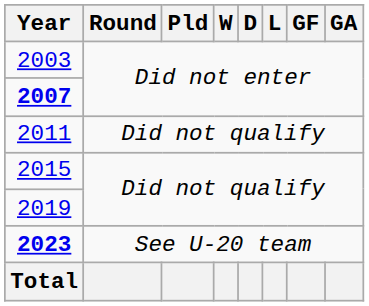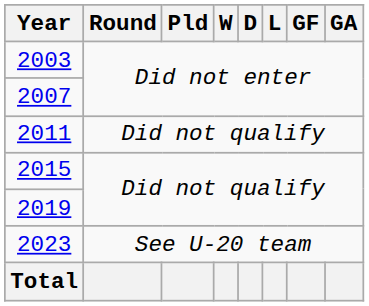 <table class="wikitable" style="text-align: center;">
 <tr>
 <th>Year</th>
 <th>Round</th>
 <th>Pld</th>
 <th>W</th>
 <th>D</th>
 <th>L</th>
 <th>GF</th>
 <th>GA</th>
 </tr>
 <tr>
 <td> <a href='#'>2003</a></td>
 <td rowspan=2 colspan=8><em>Did not enter</em></td>
 </tr>
 <tr>
-<td><strong> <a href='#'>2007</a></strong></td>
+<td> <a href='#'>2007</a></td>
 </tr>
 <tr>
 <td> <a href='#'>2011</a></td>
 <td colspan=8><em>Did not qualify</em></td>
 </tr>
 <tr>
 <td> <a href='#'>2015</a></td>
 <td colspan=8 rowspan=2><em>Did not qualify</em></td>
 </tr>
 <tr>
 <td> <a href='#'>2019</a></td>
 </tr>
 <tr>
-<td><strong> <a href='#'>2023</a></strong></td>
+<td> <a href='#'>2023</a></td>
 <td colspan=8><em>See U-20 team</em></td>
 </tr>
 <tr>
 <th>Total</th>
 <th></th>
 <th></th>
 <th></th>
 <th></th>
 <th></th>
 <th></th>
 <th></th>
 </tr>
 </table>
